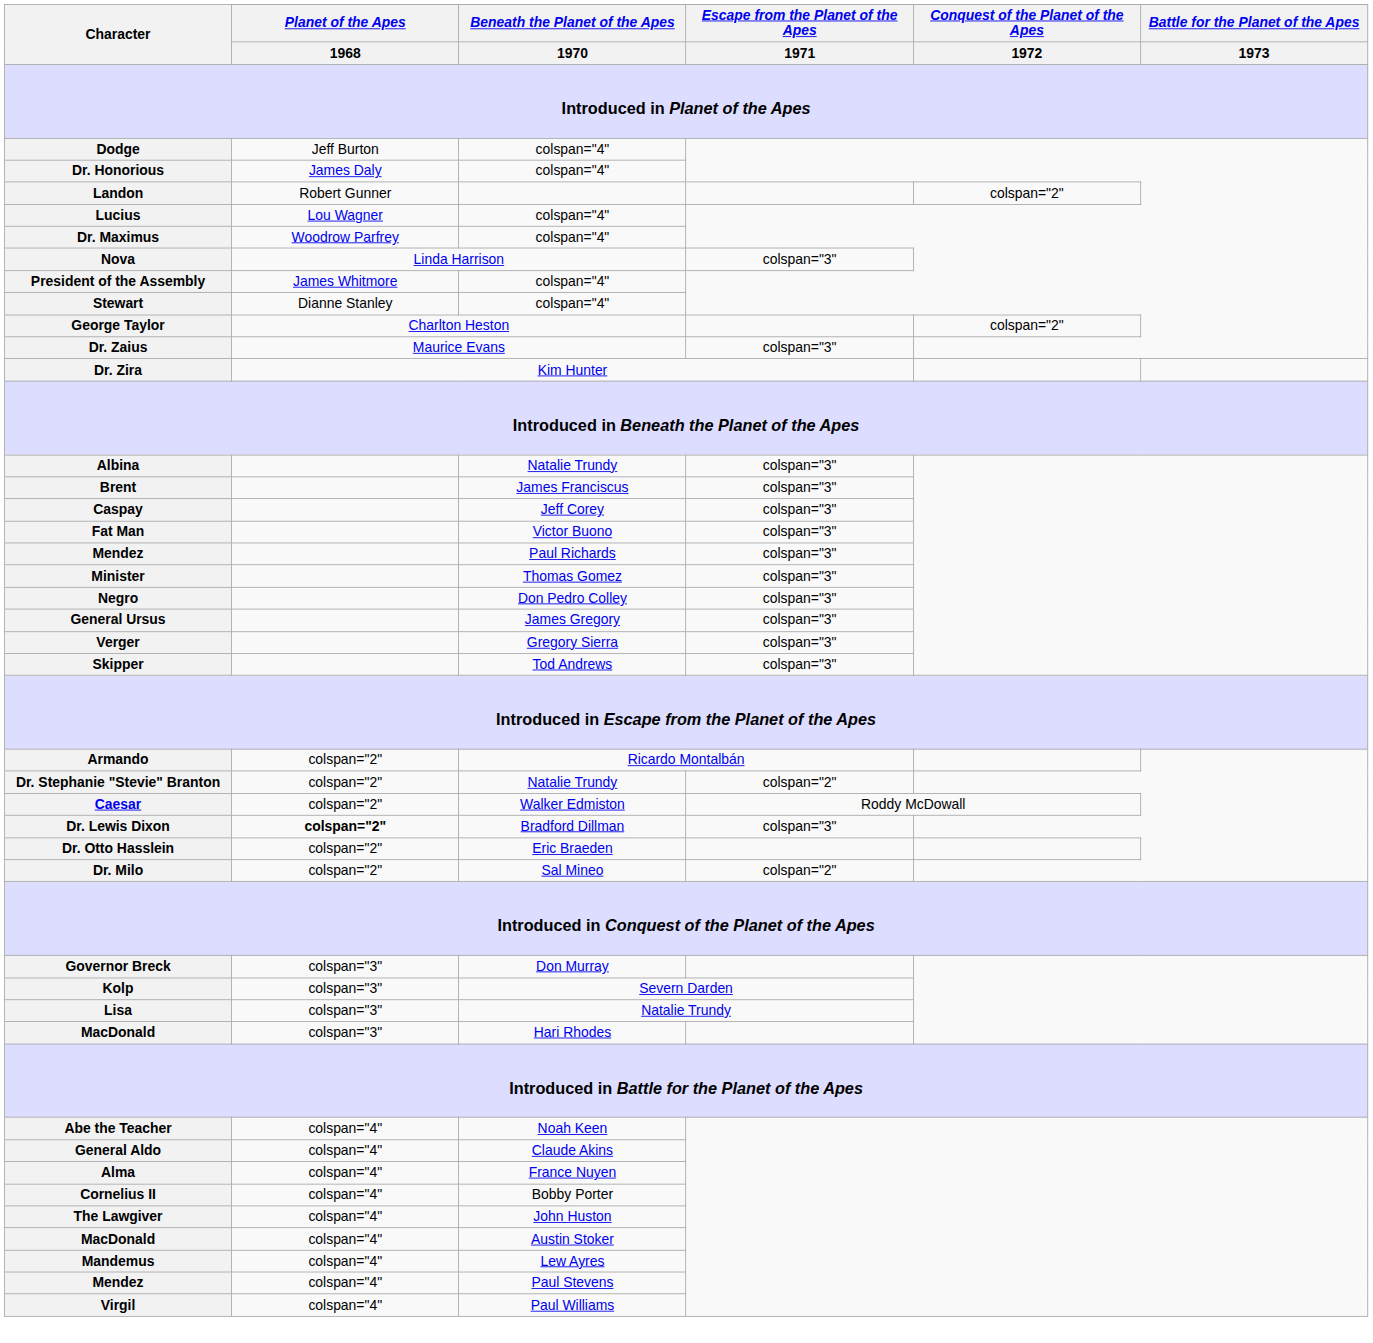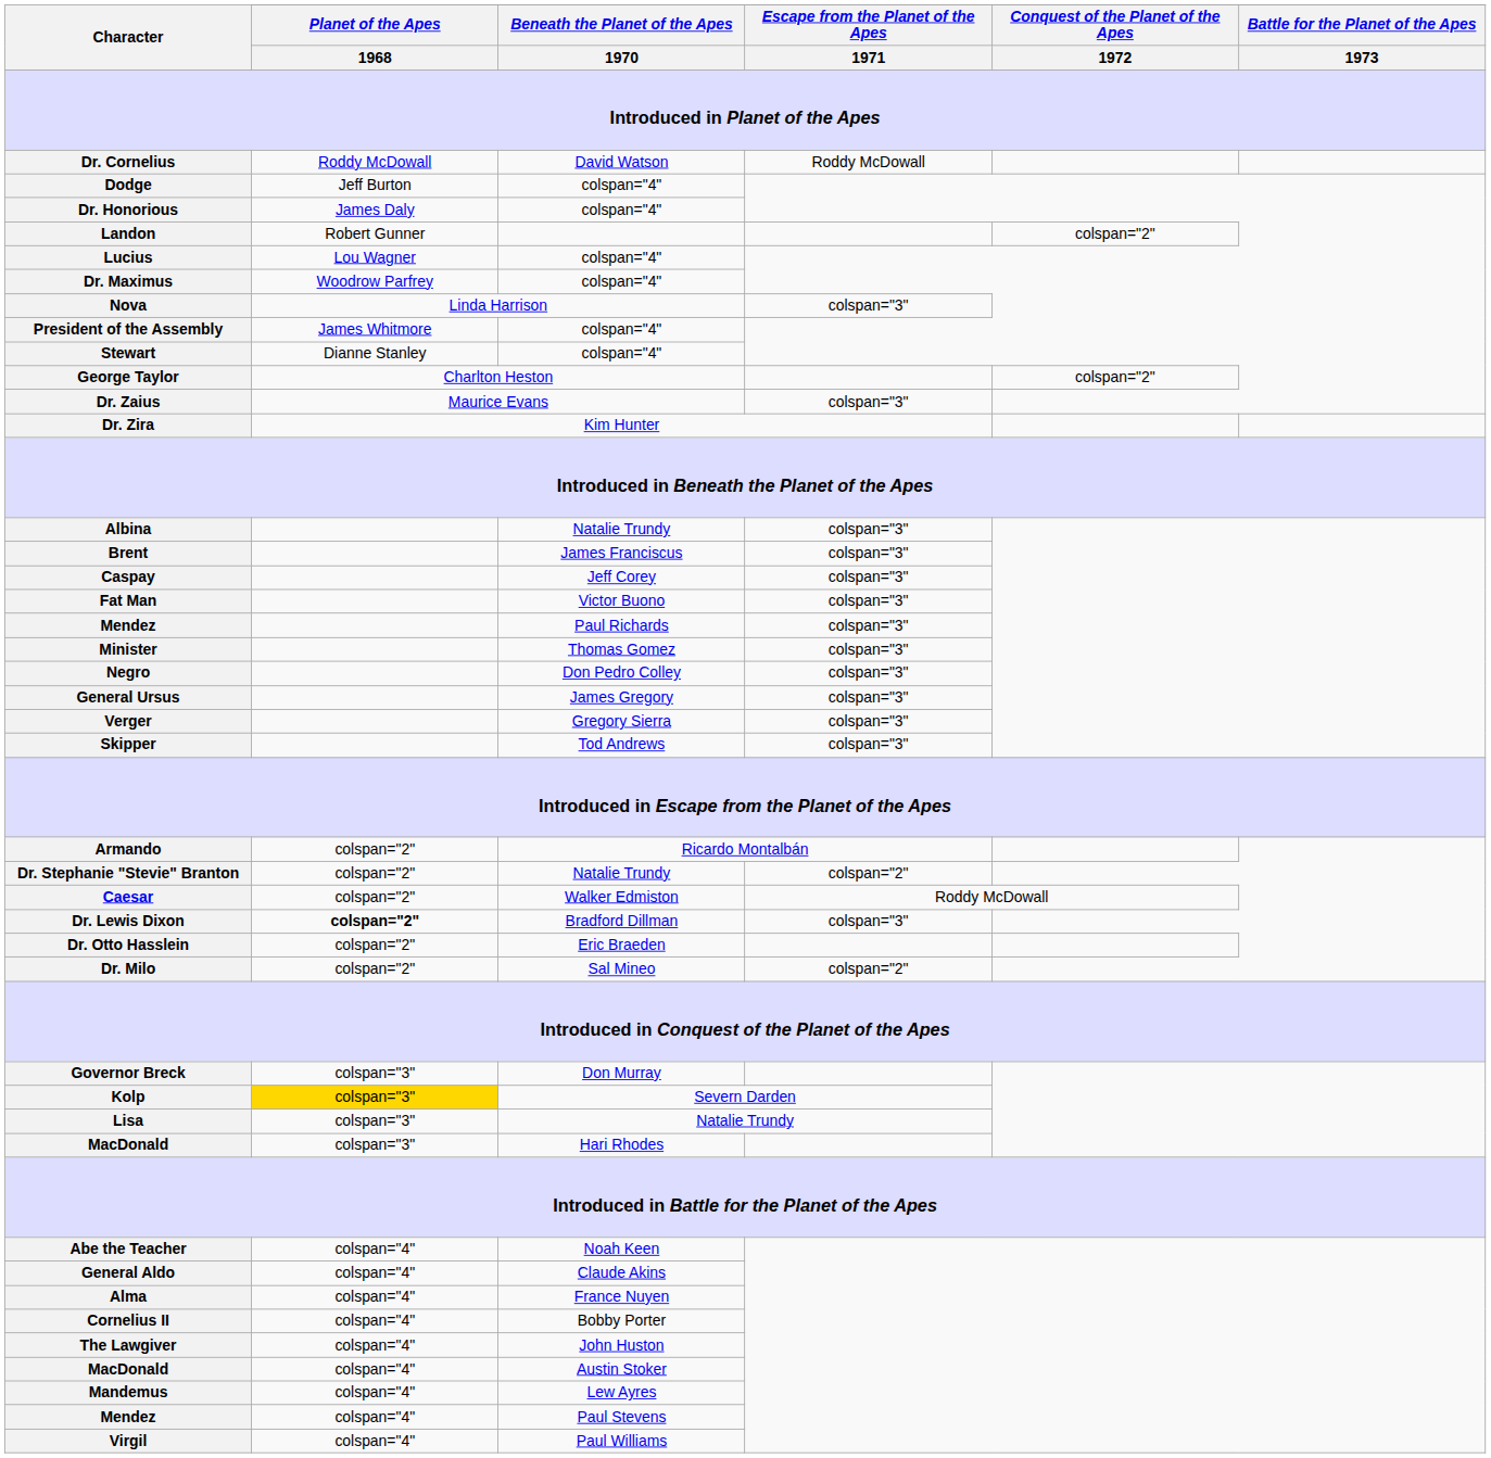 <table class="wikitable" style="text-align:center; width: to 99%">
 <tr>
 <th rowspan="3" style="width:7.6%;">Character</th>
 </tr>
 <tr>
 <th style="text-align:center; width:7.6%;"><em><a href='#'>Planet of the Apes</a></em></th>
 <th style="text-align:center; width:7.6%;"><em><a href='#'>Beneath the Planet of the Apes</a></em></th>
 <th style="text-align:center; width:7.6%;"><em><a href='#'>Escape from the Planet of the Apes</a></em></th>
 <th style="text-align:center; width:7.6%;"><em><a href='#'>Conquest of the Planet of the Apes</a></em></th>
 <th style="text-align:center; width:7.6%;"><em><a href='#'>Battle for the Planet of the Apes</a></em></th>
 </tr>
 <tr>
 <th>1968</th>
 <th>1970</th>
 <th>1971</th>
 <th>1972</th>
 <th>1973</th>
 </tr>
 <tr>
 <th scope="row" colspan="6" style="background:#ddf;"><br><h3>Introduced in <em>Planet of the Apes</em></h3></th>
+</tr>
+<tr>
+<th scope="row">Dr. Cornelius</th>
+<td><a href='#'>Roddy McDowall</a></td>
+<td><a href='#'>David Watson</a></td>
+<td>Roddy McDowall</td>
+<td></td>
+<td></td>
 </tr>
 <tr>
 <th scope="row">Dodge</th>
 <td>Jeff Burton</td>
 <td>colspan="4" </td>
 </tr>
 <tr>
 <th scope="row">Dr. Honorious</th>
 <td><a href='#'>James Daly</a></td>
 <td>colspan="4" </td>
 </tr>
 <tr>
 <th scope="row">Landon</th>
 <td>Robert Gunner</td>
 <td></td>
 <td></td>
 <td>colspan="2" </td>
 </tr>
 <tr>
 <th scope="row">Lucius</th>
 <td><a href='#'>Lou Wagner</a></td>
 <td>colspan="4" </td>
 </tr>
 <tr>
 <th scope="row">Dr. Maximus</th>
 <td><a href='#'>Woodrow Parfrey</a></td>
 <td>colspan="4" </td>
 </tr>
 <tr>
 <th scope="row">Nova</th>
 <td colspan="2"><a href='#'>Linda Harrison</a></td>
 <td>colspan="3" </td>
 </tr>
 <tr>
 <th scope="row">President of the Assembly</th>
 <td><a href='#'>James Whitmore</a></td>
 <td>colspan="4" </td>
 </tr>
 <tr>
 <th scope="row">Stewart</th>
 <td>Dianne Stanley</td>
 <td>colspan="4" </td>
 </tr>
 <tr>
 <th scope="row">George Taylor</th>
 <td colspan="2"><a href='#'>Charlton Heston</a></td>
 <td></td>
 <td>colspan="2" </td>
 </tr>
 <tr>
 <th scope="row">Dr. Zaius</th>
 <td colspan="2"><a href='#'>Maurice Evans</a></td>
 <td>colspan="3" </td>
 </tr>
 <tr>
 <th scope="row">Dr. Zira</th>
 <td colspan="3"><a href='#'>Kim Hunter</a></td>
 <td></td>
 <td></td>
 </tr>
 <tr>
 <th scope="row" colspan="6" style="background:#ddf;"><br><h3>Introduced in <em>Beneath the Planet of the Apes</em></h3></th>
 </tr>
 <tr>
 <th scope="row">Albina</th>
 <td></td>
 <td><a href='#'>Natalie Trundy</a></td>
 <td>colspan="3" </td>
 </tr>
 <tr>
 <th scope="row">Brent</th>
 <td></td>
 <td><a href='#'>James Franciscus</a></td>
 <td>colspan="3" </td>
 </tr>
 <tr>
 <th scope="row">Caspay</th>
 <td></td>
 <td><a href='#'>Jeff Corey</a></td>
 <td>colspan="3" </td>
 </tr>
 <tr>
 <th scope="row">Fat Man</th>
 <td></td>
 <td><a href='#'>Victor Buono</a></td>
 <td>colspan="3" </td>
 </tr>
 <tr>
 <th scope="row">Mendez</th>
 <td></td>
 <td><a href='#'>Paul Richards</a></td>
 <td>colspan="3" </td>
 </tr>
 <tr>
 <th scope="row">Minister</th>
 <td></td>
 <td><a href='#'>Thomas Gomez</a></td>
 <td>colspan="3" </td>
 </tr>
 <tr>
 <th scope="row">Negro</th>
 <td></td>
 <td><a href='#'>Don Pedro Colley</a></td>
 <td>colspan="3" </td>
 </tr>
 <tr>
 <th scope="row">General Ursus</th>
 <td></td>
 <td><a href='#'>James Gregory</a></td>
 <td>colspan="3" </td>
 </tr>
 <tr>
 <th scope="row">Verger</th>
 <td></td>
 <td><a href='#'>Gregory Sierra</a></td>
 <td>colspan="3" </td>
 </tr>
 <tr>
 <th scope="row">Skipper</th>
 <td></td>
 <td><a href='#'>Tod Andrews</a></td>
 <td>colspan="3" </td>
 </tr>
 <tr>
 <th scope="row" colspan="6" style="background:#ddf;"><br><h3>Introduced in <em>Escape from the Planet of the Apes</em></h3></th>
 </tr>
 <tr>
 <th scope="row">Armando</th>
 <td>colspan="2" </td>
 <td colspan="2"><a href='#'>Ricardo Montalbán</a></td>
 <td></td>
 </tr>
 <tr>
 <th scope="row">Dr. Stephanie "Stevie" Branton</th>
 <td>colspan="2" </td>
 <td><a href='#'>Natalie Trundy</a></td>
 <td>colspan="2" </td>
 </tr>
 <tr>
 <th scope="row"><a href='#'>Caesar</a></th>
 <td>colspan="2" </td>
 <td><a href='#'>Walker Edmiston</a></td>
 <td colspan="2">Roddy McDowall</td>
 </tr>
 <tr>
 <th scope="row">Dr. Lewis Dixon</th>
 <td><strong>colspan="2" </strong></td>
 <td><a href='#'>Bradford Dillman</a></td>
 <td>colspan="3" </td>
 </tr>
 <tr>
 <th scope="row">Dr. Otto Hasslein</th>
 <td>colspan="2" </td>
 <td><a href='#'>Eric Braeden</a></td>
 <td></td>
 <td></td>
 </tr>
 <tr>
 <th scope="row">Dr. Milo</th>
 <td>colspan="2" </td>
 <td><a href='#'>Sal Mineo</a></td>
 <td>colspan="2" </td>
 </tr>
 <tr>
 <th scope="row" colspan="6" style="background:#ddf;"><br><h3>Introduced in <em>Conquest of the Planet of the Apes</em></h3></th>
 </tr>
 <tr>
 <th scope="row">Governor Breck</th>
 <td>colspan="3" </td>
 <td><a href='#'>Don Murray</a></td>
 <td></td>
 </tr>
 <tr>
 <th scope="row">Kolp</th>
-<td>colspan="3" </td>
+<td style="background: gold;">colspan="3" </td>
 <td colspan="2"><a href='#'>Severn Darden</a></td>
 </tr>
 <tr>
 <th scope="row">Lisa</th>
 <td>colspan="3" </td>
 <td colspan="2"><a href='#'>Natalie Trundy</a></td>
 </tr>
 <tr>
 <th scope="row">MacDonald</th>
 <td>colspan="3" </td>
 <td><a href='#'>Hari Rhodes</a></td>
 <td></td>
 </tr>
 <tr>
 <th scope="row" colspan="6" style="background:#ddf;"><br><h3>Introduced in <em>Battle for the Planet of the Apes</em></h3></th>
 </tr>
 <tr>
 <th scope="row">Abe the Teacher</th>
 <td>colspan="4" </td>
 <td><a href='#'>Noah Keen</a></td>
 </tr>
 <tr>
 <th scope="row">General Aldo</th>
 <td>colspan="4" </td>
 <td><a href='#'>Claude Akins</a></td>
 </tr>
 <tr>
 <th scope="row">Alma</th>
 <td>colspan="4" </td>
 <td><a href='#'>France Nuyen</a></td>
 </tr>
 <tr>
 <th scope="row">Cornelius II</th>
 <td>colspan="4" </td>
 <td>Bobby Porter</td>
 </tr>
 <tr>
 <th scope="row">The Lawgiver</th>
 <td>colspan="4" </td>
 <td><a href='#'>John Huston</a></td>
 </tr>
 <tr>
 <th scope="row">MacDonald</th>
 <td>colspan="4" </td>
 <td><a href='#'>Austin Stoker</a></td>
 </tr>
 <tr>
 <th scope="row">Mandemus</th>
 <td>colspan="4" </td>
 <td><a href='#'>Lew Ayres</a></td>
 </tr>
 <tr>
 <th scope="row">Mendez</th>
 <td>colspan="4" </td>
 <td><a href='#'>Paul Stevens</a></td>
 </tr>
 <tr>
 <th scope="row">Virgil</th>
 <td>colspan="4" </td>
 <td><a href='#'>Paul Williams</a></td>
 </tr>
 </table>
